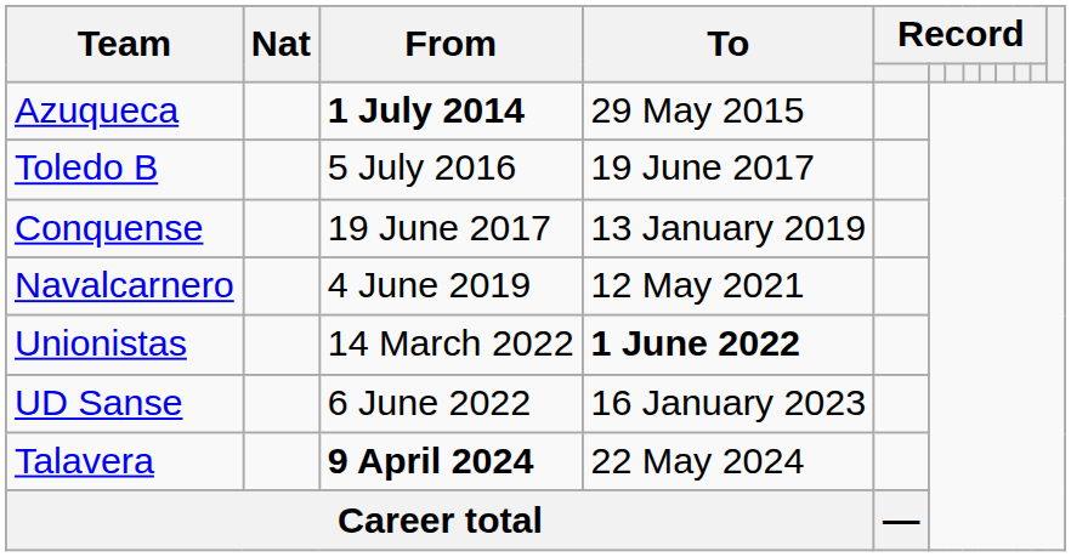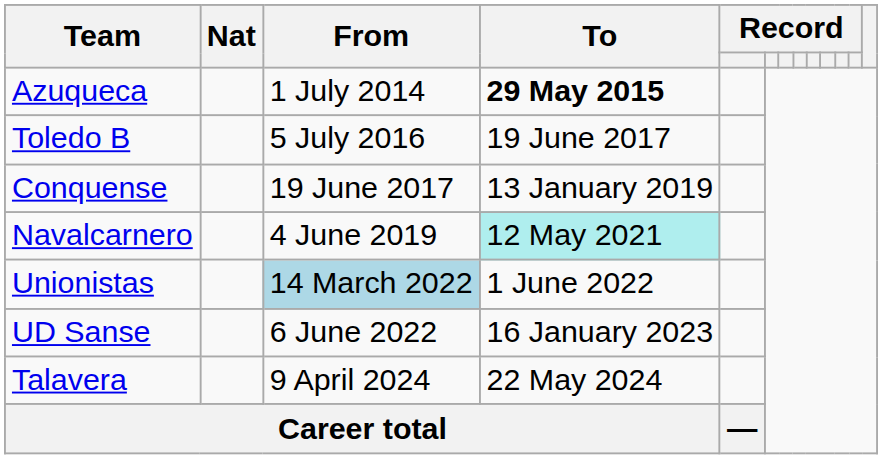 <table class="wikitable" style="text-align: center">
 <tr>
 <th rowspan="2">Team</th>
 <th rowspan="2">Nat</th>
 <th rowspan="2">From</th>
 <th rowspan="2">To</th>
 <th colspan="8">Record</th>
 <th rowspan=2></th>
 </tr>
 <tr>
 <th></th>
 <th></th>
 <th></th>
 <th></th>
 <th></th>
 <th></th>
 <th></th>
 <th></th>
 </tr>
 <tr>
 <td align="left"><a href='#'>Azuqueca</a></td>
 <td></td>
-<td align=left><strong>1 July 2014</strong></td>
-<td align=left>29 May 2015<br></td>
+<td align=left>1 July 2014</td>
+<td align=left><strong>29 May 2015<br></strong></td>
 <td></td>
 </tr>
 <tr>
 <td align="left"><a href='#'>Toledo B</a></td>
 <td></td>
 <td align=left>5 July 2016</td>
 <td align=left>19 June 2017<br></td>
 <td></td>
 </tr>
 <tr>
 <td align="left"><a href='#'>Conquense</a></td>
 <td></td>
 <td align=left>19 June 2017</td>
 <td align=left>13 January 2019<br></td>
 <td></td>
 </tr>
 <tr>
 <td align="left"><a href='#'>Navalcarnero</a></td>
 <td></td>
 <td align=left>4 June 2019</td>
-<td align=left>12 May 2021<br></td>
+<td align=left style="background: paleturquoise;">12 May 2021<br></td>
 <td></td>
 </tr>
 <tr>
 <td align="left"><a href='#'>Unionistas</a></td>
 <td></td>
-<td align=left>14 March 2022</td>
-<td align=left><strong>1 June 2022<br></strong></td>
+<td align=left style="background: lightblue;">14 March 2022</td>
+<td align=left>1 June 2022<br></td>
 <td></td>
 </tr>
 <tr>
 <td align="left"><a href='#'>UD Sanse</a></td>
 <td></td>
 <td align=left>6 June 2022</td>
 <td align=left>16 January 2023<br></td>
 <td></td>
 </tr>
 <tr>
 <td align="left"><a href='#'>Talavera</a></td>
 <td></td>
-<td align=left><strong>9 April 2024</strong></td>
+<td align=left>9 April 2024</td>
 <td align=left>22 May 2024<br></td>
 <td></td>
 </tr>
 <tr>
 <th colspan=4>Career total<br></th>
 <th>—</th>
 </tr>
 </table>
